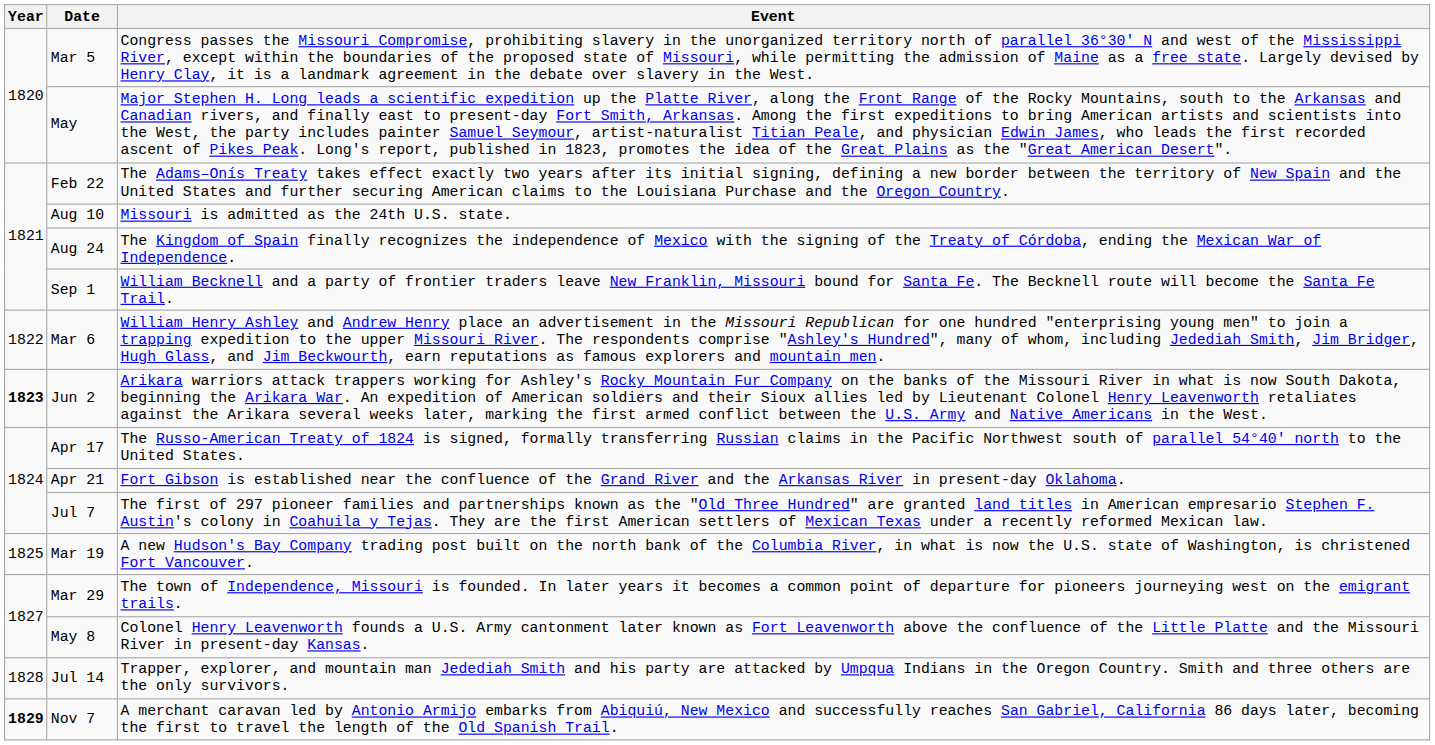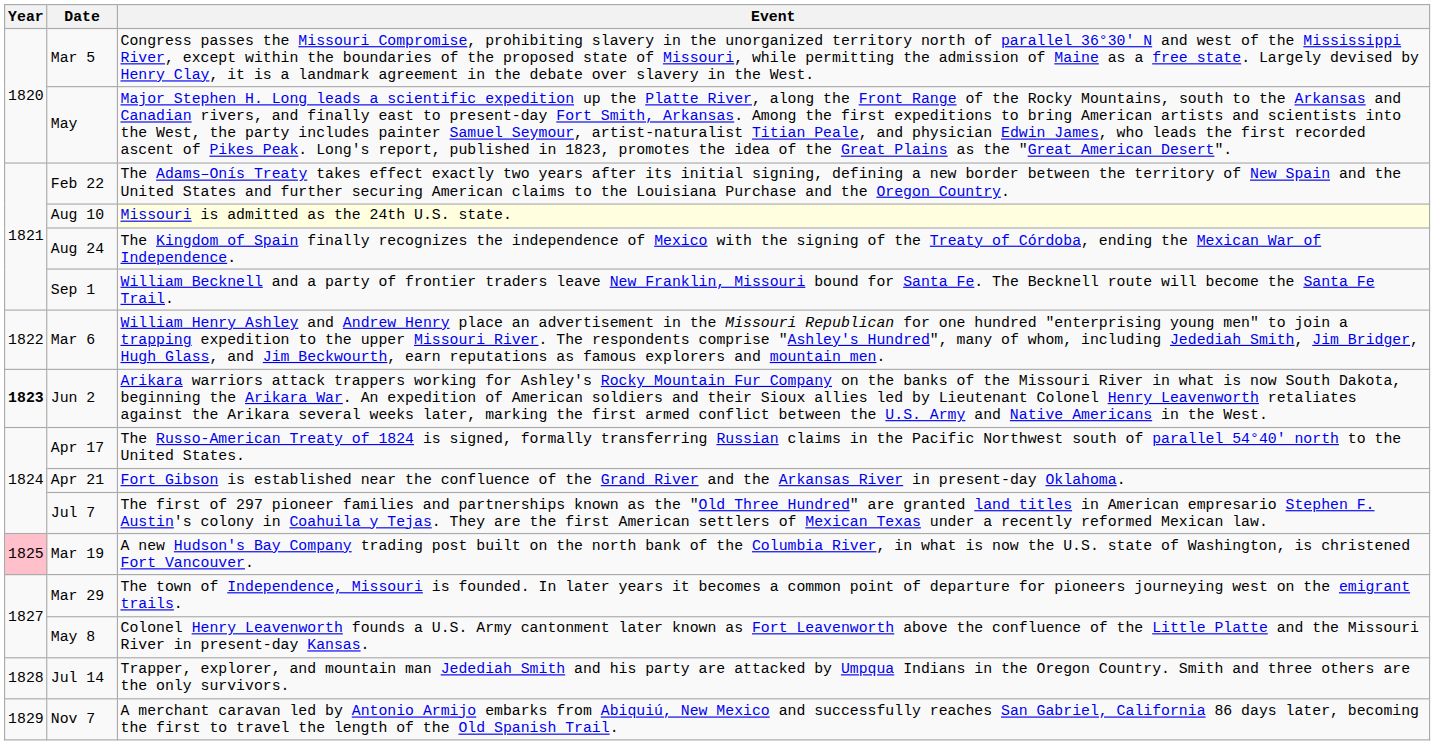 <table class=wikitable>
 <tr>
 <th>Year</th>
 <th width=55>Date</th>
 <th>Event</th>
 </tr>
 <tr>
 <td rowspan=2>1820</td>
 <td>Mar 5</td>
 <td>Congress passes the <a href='#'>Missouri Compromise</a>, prohibiting slavery in the unorganized territory north of <a href='#'>parallel 36°30′ N</a> and west of the <a href='#'>Mississippi River</a>, except within the boundaries of the proposed state of <a href='#'>Missouri</a>, while permitting the admission of <a href='#'>Maine</a> as a <a href='#'>free state</a>. Largely devised by <a href='#'>Henry Clay</a>, it is a landmark agreement in the debate over slavery in the West.</td>
 </tr>
 <tr>
 <td>May</td>
 <td><a href='#'>Major Stephen H. Long leads a scientific expedition</a> up the <a href='#'>Platte River</a>, along the <a href='#'>Front Range</a> of the Rocky Mountains, south to the <a href='#'>Arkansas</a> and <a href='#'>Canadian</a> rivers, and finally east to present-day <a href='#'>Fort Smith, Arkansas</a>. Among the first expeditions to bring American artists and scientists into the West, the party includes painter <a href='#'>Samuel Seymour</a>, artist-naturalist <a href='#'>Titian Peale</a>, and physician <a href='#'>Edwin James</a>, who leads the first recorded ascent of <a href='#'>Pikes Peak</a>. Long's report, published in 1823, promotes the idea of the <a href='#'>Great Plains</a> as the "<a href='#'>Great American Desert</a>".</td>
 </tr>
 <tr>
 <td rowspan=4>1821</td>
 <td>Feb 22</td>
 <td>The <a href='#'>Adams–Onís Treaty</a> takes effect exactly two years after its initial signing, defining a new border between the territory of <a href='#'>New Spain</a> and the United States and further securing American claims to the Louisiana Purchase and the <a href='#'>Oregon Country</a>.</td>
 </tr>
 <tr>
 <td>Aug 10</td>
-<td><a href='#'>Missouri</a> is admitted as the 24th U.S. state.</td>
+<td style="background: lightyellow;"><a href='#'>Missouri</a> is admitted as the 24th U.S. state.</td>
 </tr>
 <tr>
 <td>Aug 24</td>
 <td>The <a href='#'>Kingdom of Spain</a> finally recognizes the independence of <a href='#'>Mexico</a> with the signing of the <a href='#'>Treaty of Córdoba</a>, ending the <a href='#'>Mexican War of Independence</a>.</td>
 </tr>
 <tr>
 <td>Sep 1</td>
 <td><a href='#'>William Becknell</a> and a party of frontier traders leave <a href='#'>New Franklin, Missouri</a> bound for <a href='#'>Santa Fe</a>. The Becknell route will become the <a href='#'>Santa Fe Trail</a>.</td>
 </tr>
 <tr>
 <td rowspan=1>1822</td>
 <td>Mar 6</td>
 <td><a href='#'>William Henry Ashley</a> and <a href='#'>Andrew Henry</a> place an advertisement in the <em>Missouri Republican</em> for one hundred "enterprising young men" to join a <a href='#'>trapping</a> expedition to the upper <a href='#'>Missouri River</a>. The respondents comprise "<a href='#'>Ashley's Hundred</a>", many of whom, including <a href='#'>Jedediah Smith</a>, <a href='#'>Jim Bridger</a>, <a href='#'>Hugh Glass</a>, and <a href='#'>Jim Beckwourth</a>, earn reputations as famous explorers and <a href='#'>mountain men</a>.</td>
 </tr>
 <tr>
 <td rowspan=1><strong>1823</strong></td>
 <td>Jun 2</td>
 <td><a href='#'>Arikara</a> warriors attack trappers working for Ashley's <a href='#'>Rocky Mountain Fur Company</a> on the banks of the Missouri River in what is now South Dakota, beginning the <a href='#'>Arikara War</a>. An expedition of American soldiers and their Sioux allies led by Lieutenant Colonel <a href='#'>Henry Leavenworth</a> retaliates against the Arikara several weeks later, marking the first armed conflict between the <a href='#'>U.S. Army</a> and <a href='#'>Native Americans</a> in the West.</td>
 </tr>
 <tr>
 <td rowspan=3>1824</td>
 <td>Apr 17</td>
 <td>The <a href='#'>Russo-American Treaty of 1824</a> is signed, formally transferring <a href='#'>Russian</a> claims in the Pacific Northwest south of <a href='#'>parallel 54°40′ north</a> to the United States.</td>
 </tr>
 <tr>
 <td>Apr 21</td>
 <td><a href='#'>Fort Gibson</a> is established near the confluence of the <a href='#'>Grand River</a> and the <a href='#'>Arkansas River</a> in present-day <a href='#'>Oklahoma</a>.</td>
 </tr>
 <tr>
 <td>Jul 7</td>
 <td>The first of 297 pioneer families and partnerships known as the "<a href='#'>Old Three Hundred</a>" are granted <a href='#'>land titles</a> in American empresario <a href='#'>Stephen F. Austin</a>'s colony in <a href='#'>Coahuila y Tejas</a>. They are the first American settlers of <a href='#'>Mexican Texas</a> under a recently reformed Mexican law.</td>
 </tr>
 <tr>
-<td rowspan=1>1825</td>
+<td rowspan=1 style="background: pink;">1825</td>
 <td>Mar 19</td>
 <td>A new <a href='#'>Hudson's Bay Company</a> trading post built on the north bank of the <a href='#'>Columbia River</a>, in what is now the U.S. state of Washington, is christened <a href='#'>Fort Vancouver</a>.</td>
 </tr>
 <tr>
 <td rowspan=2>1827</td>
 <td>Mar 29</td>
 <td>The town of <a href='#'>Independence, Missouri</a> is founded. In later years it becomes a common point of departure for pioneers journeying west on the <a href='#'>emigrant trails</a>.</td>
 </tr>
 <tr>
 <td>May 8</td>
 <td>Colonel <a href='#'>Henry Leavenworth</a> founds a U.S. Army cantonment later known as <a href='#'>Fort Leavenworth</a> above the confluence of the <a href='#'>Little Platte</a> and the Missouri River in present-day <a href='#'>Kansas</a>.</td>
 </tr>
 <tr>
 <td rowspan=1>1828</td>
 <td>Jul 14</td>
 <td>Trapper, explorer, and mountain man <a href='#'>Jedediah Smith</a> and his party are attacked by <a href='#'>Umpqua</a> Indians in the Oregon Country. Smith and three others are the only survivors.</td>
 </tr>
 <tr>
-<td rowspan=1><strong>1829</strong></td>
+<td rowspan=1>1829</td>
 <td>Nov 7</td>
 <td>A merchant caravan led by <a href='#'>Antonio Armijo</a> embarks from <a href='#'>Abiquiú, New Mexico</a> and successfully reaches <a href='#'>San Gabriel, California</a> 86 days later, becoming the first to travel the length of the <a href='#'>Old Spanish Trail</a>.</td>
 </tr>
 </table>
